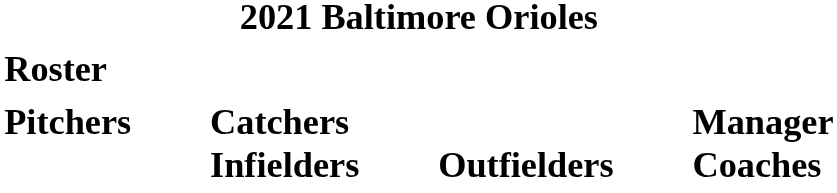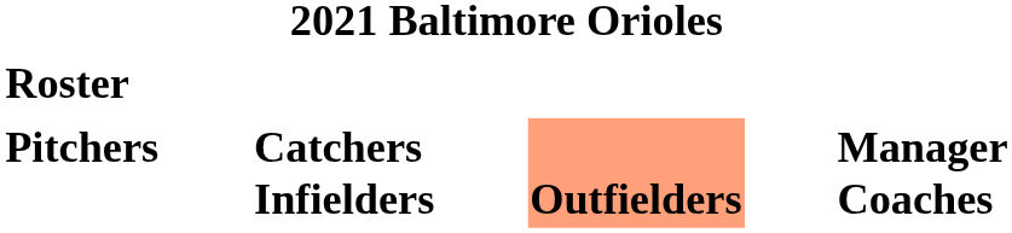 <table class="toccolours" style="font-size: 95%;">
 <tr>
 <th colspan="10">2021 Baltimore Orioles</th>
 </tr>
 <tr>
 <td colspan="10"><strong>Roster</strong></td>
 </tr>
 <tr>
 <td valign="top"><strong>Pitchers</strong><br>                                      </td>
 <td style="width:25px;"></td>
 <td valign="top"><strong>Catchers</strong><br>    <strong>Infielders</strong>             </td>
 <td style="width:25px;"></td>
-<td valign="top"><br><strong>Outfielders</strong>      </td>
+<td valign="top" style="background: lightsalmon;"><br><strong>Outfielders</strong>      </td>
 <td style="width:25px;"></td>
 <td valign="top"><strong>Manager</strong><br> <strong>Coaches</strong>                    </td>
 </tr>
 </table>
